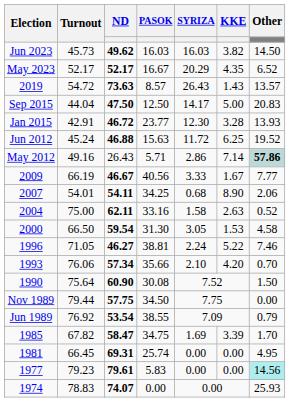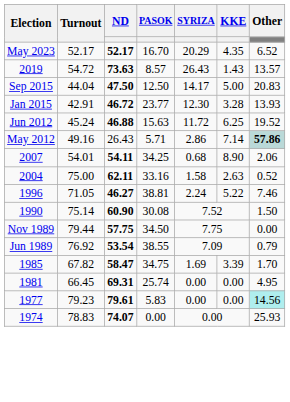 <table class="wikitable collapsible" style="text-align:center; font-size:95%; line-height:16px;">
 <tr style="height:42px;">
 <th rowspan="2">Election</th>
 <th rowspan="2" style="width:50px;">Turnout</th>
 <th style="width:35px;"><a href='#'>ND</a></th>
 <th style="width:35px; font-size:85%;"><a href='#'>PASOK</a></th>
 <th style="width:35px; font-size:85%;"><a href='#'>SYRIZA</a></th>
 <th style="width:35px;"><a href='#'>KKE</a></th>
 <th style="width:35px;">Other</th>
 </tr>
 <tr>
 <th style="color:inherit;background:"></th>
 <th style="color:inherit;background:"></th>
 <th style="color:inherit;background:"></th>
 <th style="color:inherit;background:"></th>
 <th style="color:inherit;background:Grey;"></th>
 </tr>
 <tr>
-<td><a href='#'>Jun 2023</a></td>
-<td>45.73</td>
-<td><strong>49.62</strong></td>
-<td>16.03</td>
-<td>16.03</td>
-<td>3.82</td>
-<td>14.50</td>
-</tr>
-<tr>
 <td><a href='#'>May 2023</a></td>
 <td>52.17</td>
 <td><strong>52.17</strong></td>
-<td>16.67</td>
+<td>16.70</td>
 <td>20.29</td>
 <td>4.35</td>
 <td>6.52</td>
 </tr>
 <tr>
 <td><a href='#'>2019</a></td>
 <td>54.72</td>
 <td><strong>73.63</strong></td>
 <td>8.57</td>
 <td>26.43</td>
 <td>1.43</td>
 <td>13.57</td>
 </tr>
 <tr>
 <td><a href='#'>Sep 2015</a></td>
 <td>44.04</td>
 <td><strong>47.50</strong></td>
 <td>12.50</td>
 <td>14.17</td>
 <td>5.00</td>
 <td>20.83</td>
 </tr>
 <tr>
 <td><a href='#'>Jan 2015</a></td>
 <td>42.91</td>
 <td><strong>46.72</strong></td>
 <td>23.77</td>
 <td>12.30</td>
 <td>3.28</td>
 <td>13.93</td>
 </tr>
 <tr>
 <td><a href='#'>Jun 2012</a></td>
 <td>45.24</td>
 <td><strong>46.88</strong></td>
 <td>15.63</td>
 <td>11.72</td>
 <td>6.25</td>
 <td>19.52</td>
 </tr>
 <tr>
 <td><a href='#'>May 2012</a></td>
 <td>49.16</td>
 <td>26.43</td>
 <td>5.71</td>
 <td>2.86</td>
 <td>7.14</td>
 <td style="background:#BAD9D8;"><strong>57.86</strong></td>
 </tr>
 <tr>
-<td><a href='#'>2009</a></td>
-<td>66.19</td>
-<td><strong>46.67</strong></td>
-<td>40.56</td>
-<td>3.33</td>
-<td>1.67</td>
-<td>7.77</td>
-</tr>
-<tr>
 <td><a href='#'>2007</a></td>
 <td>54.01</td>
 <td><strong>54.11</strong></td>
 <td>34.25</td>
 <td>0.68</td>
 <td>8.90</td>
 <td>2.06</td>
 </tr>
 <tr>
 <td><a href='#'>2004</a></td>
 <td>75.00</td>
 <td><strong>62.11</strong></td>
 <td>33.16</td>
 <td>1.58</td>
 <td>2.63</td>
 <td>0.52</td>
 </tr>
 <tr>
-<td><a href='#'>2000</a></td>
-<td>66.50</td>
-<td><strong>59.54</strong></td>
-<td>31.30</td>
-<td>3.05</td>
-<td>1.53</td>
-<td>4.58</td>
-</tr>
-<tr>
 <td><a href='#'>1996</a></td>
 <td>71.05</td>
 <td><strong>46.27</strong></td>
 <td>38.81</td>
 <td>2.24</td>
 <td>5.22</td>
 <td>7.46</td>
 </tr>
 <tr>
-<td><a href='#'>1993</a></td>
-<td>76.06</td>
-<td><strong>57.34</strong></td>
-<td>35.66</td>
-<td>2.10</td>
-<td>4.20</td>
-<td>0.70</td>
-</tr>
-<tr>
 <td><a href='#'>1990</a></td>
-<td>75.64</td>
+<td>75.14</td>
 <td><strong>60.90</strong></td>
 <td>30.08</td>
 <td colspan="2">7.52</td>
 <td>1.50</td>
 </tr>
 <tr>
 <td><a href='#'>Nov 1989</a></td>
 <td>79.44</td>
 <td><strong>57.75</strong></td>
 <td>34.50</td>
 <td colspan="2">7.75</td>
 <td>0.00</td>
 </tr>
 <tr>
 <td><a href='#'>Jun 1989</a></td>
 <td>76.92</td>
 <td><strong>53.54</strong></td>
 <td>38.55</td>
 <td colspan="2">7.09</td>
 <td>0.79</td>
 </tr>
 <tr>
 <td><a href='#'>1985</a></td>
 <td>67.82</td>
 <td><strong>58.47</strong></td>
 <td>34.75</td>
 <td>1.69</td>
 <td>3.39</td>
 <td>1.70</td>
 </tr>
 <tr>
 <td><a href='#'>1981</a></td>
 <td>66.45</td>
 <td><strong>69.31</strong></td>
 <td>25.74</td>
 <td>0.00</td>
 <td>0.00</td>
 <td>4.95</td>
 </tr>
 <tr>
 <td><a href='#'>1977</a></td>
 <td>79.23</td>
 <td><strong>79.61</strong></td>
 <td>5.83</td>
 <td>0.00</td>
 <td>0.00</td>
 <td style="background: paleturquoise;">14.56</td>
 </tr>
 <tr>
 <td><a href='#'>1974</a></td>
 <td>78.83</td>
 <td><strong>74.07</strong></td>
 <td>0.00</td>
 <td colspan="2">0.00</td>
 <td>25.93</td>
 </tr>
 </table>
